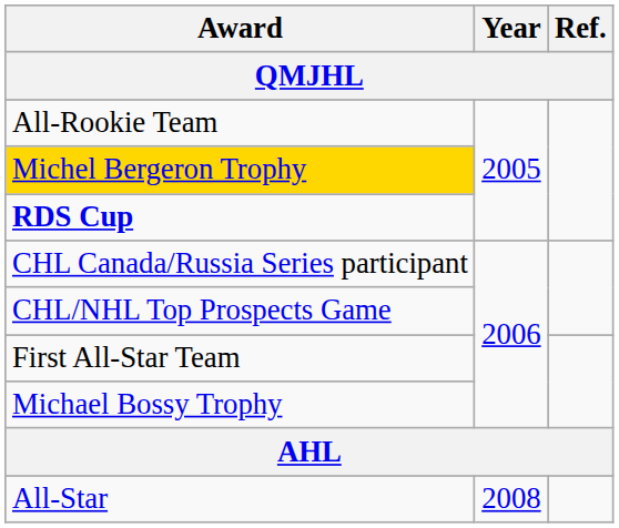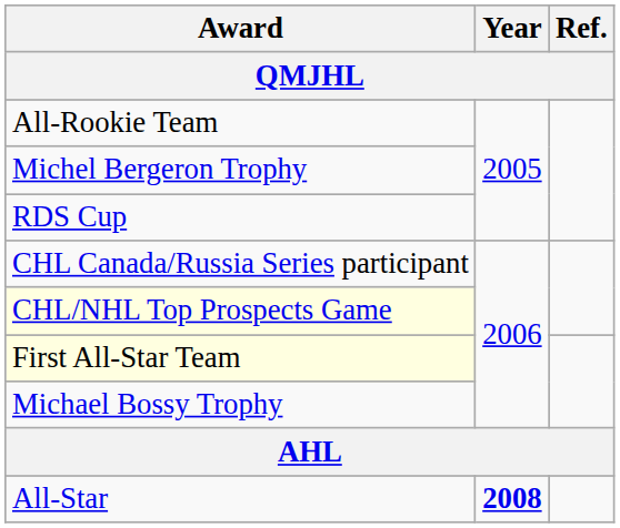 <table class="wikitable">
 <tr>
 <th>Award</th>
 <th>Year</th>
 <th>Ref.</th>
 </tr>
 <tr ALIGN="center" bgcolor="#e0e0e0">
 <th colspan="3"><a href='#'>QMJHL</a></th>
 </tr>
 <tr>
 <td>All-Rookie Team</td>
 <td rowspan="3"><a href='#'>2005</a></td>
 <td rowspan="3"></td>
 </tr>
 <tr>
-<td style="background: gold;"><a href='#'>Michel Bergeron Trophy</a></td>
+<td><a href='#'>Michel Bergeron Trophy</a></td>
 </tr>
 <tr>
-<td><strong><a href='#'>RDS Cup</a></strong></td>
+<td><a href='#'>RDS Cup</a></td>
 </tr>
 <tr>
 <td><a href='#'>CHL Canada/Russia Series</a> participant</td>
 <td rowspan="4"><a href='#'>2006</a></td>
 <td rowspan="2"></td>
 </tr>
 <tr>
-<td><a href='#'>CHL/NHL Top Prospects Game</a></td>
+<td style="background: lightyellow;"><a href='#'>CHL/NHL Top Prospects Game</a></td>
 </tr>
 <tr>
-<td>First All-Star Team</td>
+<td style="background: lightyellow;">First All-Star Team</td>
 <td rowspan="2"></td>
 </tr>
 <tr>
 <td><a href='#'>Michael Bossy Trophy</a></td>
 </tr>
 <tr>
 <th colspan="3"><a href='#'>AHL</a></th>
 </tr>
 <tr>
 <td><a href='#'>All-Star</a></td>
-<td><a href='#'>2008</a></td>
+<td><strong><a href='#'>2008</a></strong></td>
 <td></td>
 </tr>
 </table>
